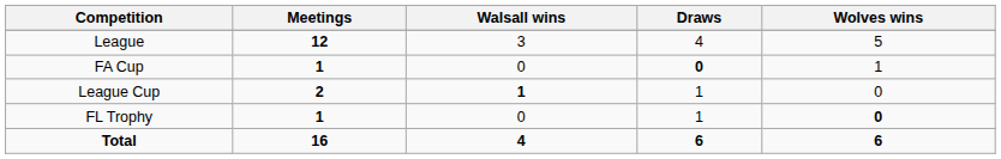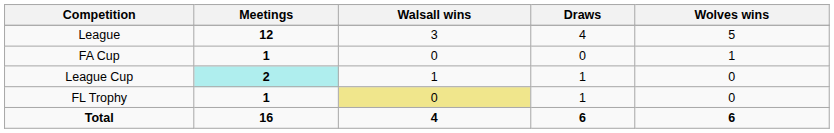 <table class="wikitable" style="text-align: center; width: 40%; font-size: 12px">
 <tr>
 <th><strong>Competition</strong></th>
 <th><strong>Meetings</strong></th>
 <th><strong>Walsall wins</strong></th>
 <th><strong>Draws</strong></th>
 <th><strong>Wolves wins</strong></th>
 </tr>
 <tr>
 </tr>
 <tr>
 <td>League</td>
 <td><strong>12</strong></td>
 <td>3</td>
 <td>4</td>
 <td>5</td>
 </tr>
 <tr>
 <td>FA Cup</td>
 <td><strong>1</strong></td>
 <td>0</td>
-<td><strong>0</strong></td>
+<td>0</td>
 <td>1</td>
 </tr>
 <tr>
 <td>League Cup</td>
-<td><strong>2</strong></td>
-<td><strong>1</strong></td>
+<td style="background: paleturquoise;"><strong>2</strong></td>
+<td>1</td>
 <td>1</td>
 <td>0</td>
 </tr>
 <tr>
 <td>FL Trophy</td>
 <td><strong>1</strong></td>
+<td style="background: khaki;">0</td>
+<td>1</td>
 <td>0</td>
-<td>1</td>
-<td><strong>0</strong></td>
 </tr>
 <tr>
 <td><strong>Total</strong></td>
 <td><strong>16</strong></td>
 <td><strong>4</strong></td>
 <td><strong>6</strong></td>
 <td><strong>6</strong></td>
 </tr>
 </table>
